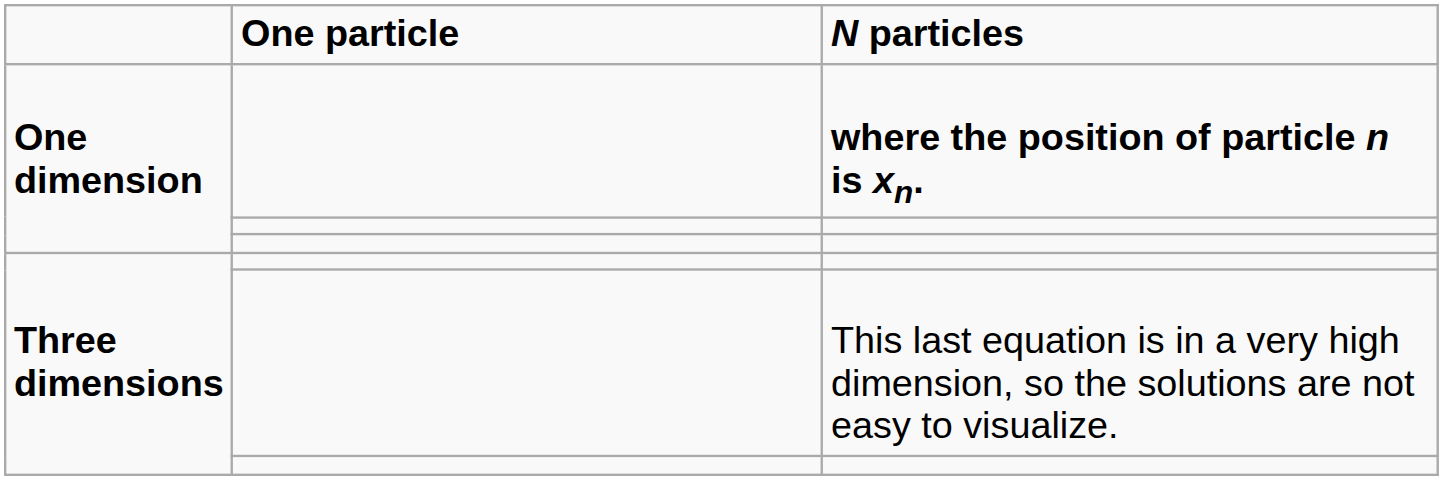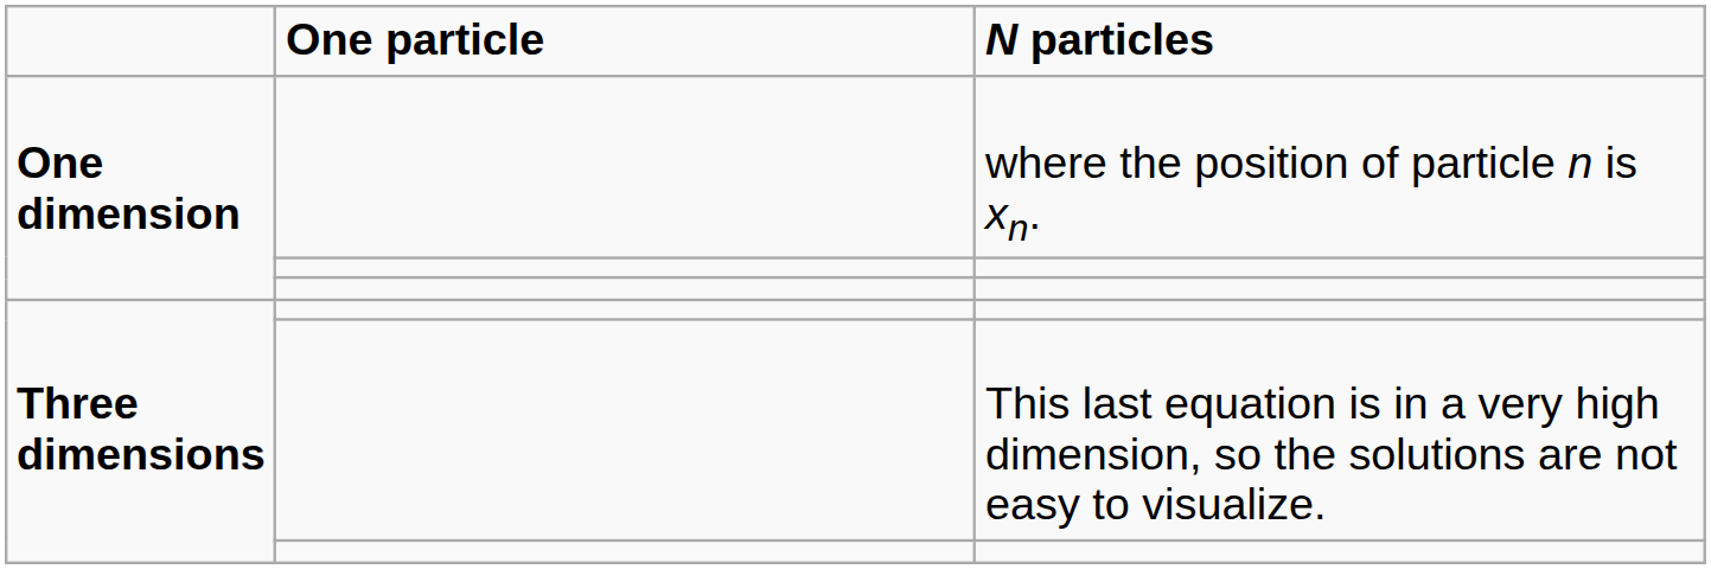 <table class="wikitable">
 <tr>
 <td scope="col" style="width:10px;"></td>
 <td scope="col" style="width:450px;"><strong>One particle</strong></td>
 <td scope="col" style="width:450px;"><strong> <em>N</em> particles</strong></td>
 </tr>
 <tr>
 <td rowspan="3"><strong>One dimension</strong></td>
 <td></td>
-<td><strong><br>where the position of particle <em>n</em> is <em>x<sub>n</sub></em>.</strong></td>
+<td><br>where the position of particle <em>n</em> is <em>x<sub>n</sub></em>.</td>
 </tr>
 <tr>
 <td></td>
 <td></td>
 </tr>
 <tr>
 <td></td>
 <td></td>
 </tr>
 <tr>
 <td rowspan="3"><strong>Three dimensions</strong></td>
 <td></td>
 <td></td>
 </tr>
 <tr>
 <td></td>
 <td><br>This last equation is in a very high dimension, so the solutions are not easy to visualize.</td>
 </tr>
 <tr>
 <td></td>
 <td></td>
 </tr>
 </table>
